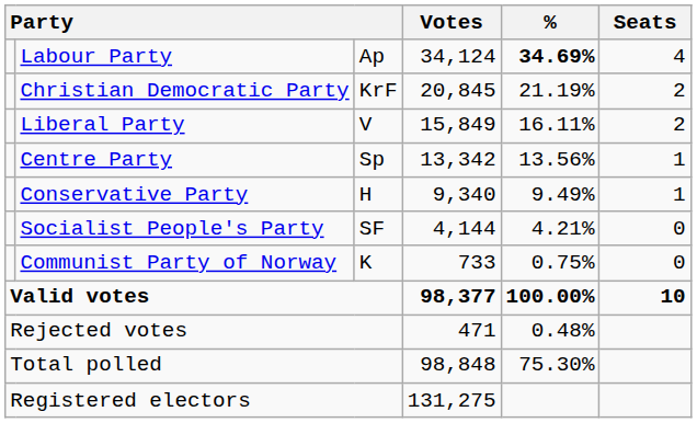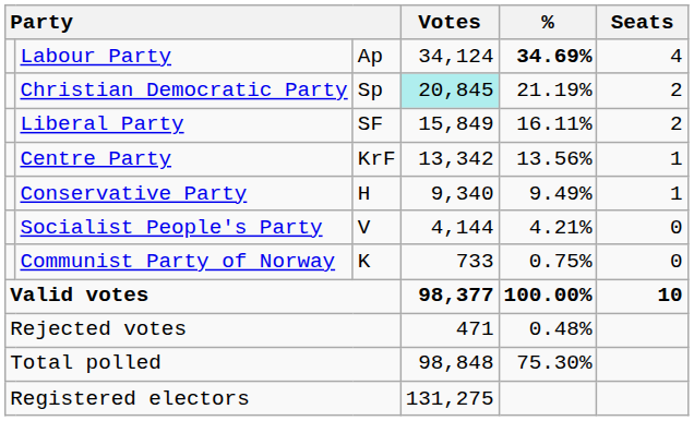 <table class="wikitable" border="1" style="text-align:right;">
 <tr>
 <th style="text-align:left;" colspan=3>Party</th>
 <th align=center width="50">Votes</th>
 <th align=center width="50">%</th>
 <th align=center width="50">Seats</th>
 </tr>
 <tr>
 <td style="color:inherit;background:"></td>
 <td align=left><a href='#'>Labour Party</a></td>
 <td align=left>Ap</td>
 <td>34,124</td>
 <td><strong>34.69%</strong></td>
 <td>4</td>
 </tr>
 <tr>
 <td style="color:inherit;background:"></td>
 <td align=left><a href='#'>Christian Democratic Party</a></td>
-<td align=left>KrF</td>
-<td>20,845</td>
+<td align=left>Sp</td>
+<td style="background: paleturquoise;">20,845</td>
 <td>21.19%</td>
 <td>2</td>
 </tr>
 <tr>
 <td style="color:inherit;background:"></td>
 <td align=left><a href='#'>Liberal Party</a></td>
-<td align=left>V</td>
+<td align=left>SF</td>
 <td>15,849</td>
 <td>16.11%</td>
 <td>2</td>
 </tr>
 <tr>
 <td style="color:inherit;background:"></td>
 <td align=left><a href='#'>Centre Party</a></td>
-<td align=left>Sp</td>
+<td align=left>KrF</td>
 <td>13,342</td>
 <td>13.56%</td>
 <td>1</td>
 </tr>
 <tr>
 <td style="color:inherit;background:"></td>
 <td align=left><a href='#'>Conservative Party</a></td>
 <td align=left>H</td>
 <td>9,340</td>
 <td>9.49%</td>
 <td>1</td>
 </tr>
 <tr>
 <td style="color:inherit;background:"></td>
 <td align=left><a href='#'>Socialist People's Party</a></td>
-<td align=left>SF</td>
+<td align=left>V</td>
 <td>4,144</td>
 <td>4.21%</td>
 <td>0</td>
 </tr>
 <tr>
 <td style="color:inherit;background:"></td>
 <td align=left><a href='#'>Communist Party of Norway</a></td>
 <td align=left>K</td>
 <td>733</td>
 <td>0.75%</td>
 <td>0</td>
 </tr>
 <tr style="font-weight:bold">
 <td align=left colspan=3>Valid votes</td>
 <td>98,377</td>
 <td>100.00%</td>
 <td>10</td>
 </tr>
 <tr>
 <td align=left colspan=3>Rejected votes</td>
 <td>471</td>
 <td>0.48%</td>
 <td></td>
 </tr>
 <tr>
 <td align=left colspan=3>Total polled</td>
 <td>98,848</td>
 <td>75.30%</td>
 <td></td>
 </tr>
 <tr>
 <td align=left colspan=3>Registered electors</td>
 <td>131,275</td>
 <td></td>
 <td></td>
 </tr>
 </table>
